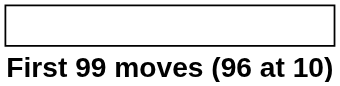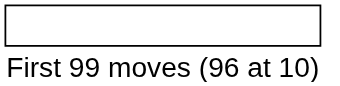 <table style="display:inline; display:inline-table;">
 <tr>
 <td style="border: solid thin; padding: 2px;"><br></td>
 </tr>
 <tr>
-<td style="text-align:center"><strong>First 99 moves (96 at 10)</strong></td>
+<td style="text-align:center">First 99 moves (96 at 10)</td>
 </tr>
 </table>
